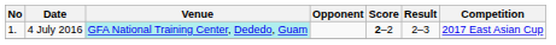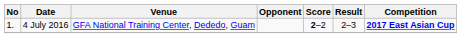 <table class="wikitable" style="font-size:85%;">
 <tr>
 <th>No</th>
 <th>Date</th>
 <th>Venue</th>
 <th>Opponent</th>
 <th>Score</th>
 <th>Result</th>
 <th>Competition</th>
 </tr>
 <tr>
 <td>1.</td>
 <td>4 July 2016</td>
-<td style="background: paleturquoise;"><a href='#'>GFA National Training Center</a>, <a href='#'>Dededo</a>, <a href='#'>Guam</a></td>
+<td><a href='#'>GFA National Training Center</a>, <a href='#'>Dededo</a>, <a href='#'>Guam</a></td>
 <td></td>
 <td align=center><strong>2</strong>–2</td>
 <td align=center>2–3</td>
-<td><a href='#'>2017 East Asian Cup</a></td>
+<td><strong><a href='#'>2017 East Asian Cup</a></strong></td>
 </tr>
 <tr>
 </tr>
 </table>
